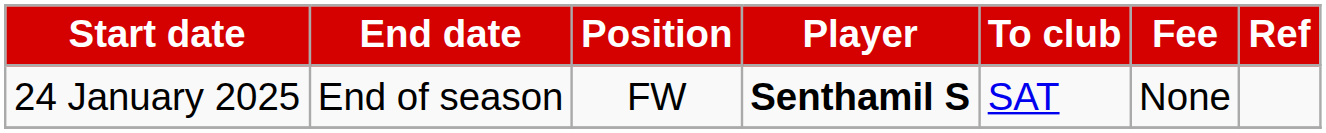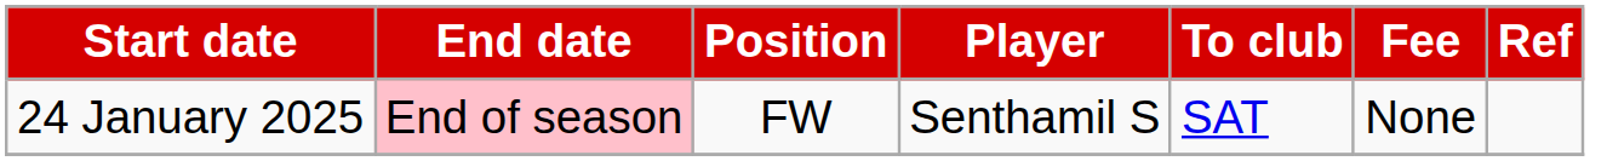 <table class="wikitable sortable">
 <tr>
 <th style="background:#d50000; color:white;"><strong>Start date</strong></th>
 <th style="background:#d50000; color:white;"><strong>End date</strong></th>
 <th style="background:#d50000; color:white;"><strong>Position</strong></th>
 <th style="background:#d50000; color:white;"><strong>Player</strong></th>
 <th style="background:#d50000; color:white;"><strong>To club</strong></th>
 <th style="background:#d50000; color:white;"><strong>Fee</strong></th>
 <th style="background:#d50000; color:white;"><strong>Ref</strong></th>
 </tr>
 <tr>
 <td>24 January 2025</td>
-<td>End of season</td>
+<td style="background: pink;">End of season</td>
 <td style="text-align:center;">FW</td>
-<td style="text-align:left;"><strong>Senthamil S</strong></td>
+<td style="text-align:left;">Senthamil S</td>
 <td style="text-align:left;"><a href='#'>SAT</a></td>
 <td>None</td>
 <td></td>
 </tr>
 <tr>
 </tr>
 </table>
